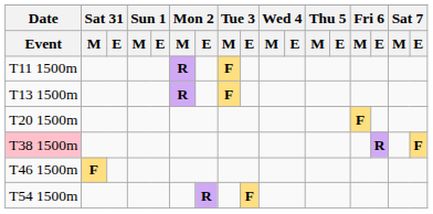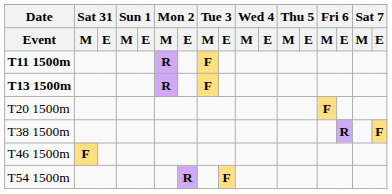 <table class="wikitable" style="margin:0.5em auto; font-size:90%; line-height:1.25em;">
 <tr align="center">
 </tr>
 <tr>
 <th>Date</th>
 <th colspan="2">Sat 31</th>
 <th colspan="2">Sun 1</th>
 <th colspan="2">Mon 2</th>
 <th colspan="2">Tue 3</th>
 <th colspan="2">Wed 4</th>
 <th colspan="2">Thu 5</th>
 <th colspan="2">Fri 6</th>
 <th colspan="2">Sat 7</th>
 </tr>
 <tr>
 <th>Event</th>
 <th>M</th>
 <th>E</th>
 <th>M</th>
 <th>E</th>
 <th>M</th>
 <th>E</th>
 <th>M</th>
 <th>E</th>
 <th>M</th>
 <th>E</th>
 <th>M</th>
 <th>E</th>
 <th>M</th>
 <th>E</th>
 <th>M</th>
 <th>E</th>
 </tr>
 <tr align="center">
-<td align="left">T11 1500m</td>
+<td align="left"><strong>T11 1500m</strong></td>
 <td colspan="2"></td>
 <td colspan="2"></td>
 <td bgcolor="#D0A9F5"><strong>R</strong></td>
 <td></td>
 <td bgcolor="#FFDF80"><strong>F</strong></td>
 <td></td>
 <td colspan="2"></td>
 <td colspan="2"></td>
 <td colspan="2"></td>
 <td colspan="2"></td>
 </tr>
 <tr align="center">
-<td align="left">T13 1500m</td>
+<td align="left"><strong>T13 1500m</strong></td>
 <td colspan="2"></td>
 <td colspan="2"></td>
 <td bgcolor="#D0A9F5"><strong>R</strong></td>
 <td></td>
 <td bgcolor="#FFDF80"><strong>F</strong></td>
 <td></td>
 <td colspan="2"></td>
 <td colspan="2"></td>
 <td colspan="2"></td>
 <td colspan="2"></td>
 </tr>
 <tr align="center">
 <td align="left">T20 1500m</td>
 <td colspan="2"></td>
 <td colspan="2"></td>
 <td colspan="2"></td>
 <td colspan="2"></td>
 <td colspan="2"></td>
 <td colspan="2"></td>
 <td bgcolor="#FFDF80"><strong>F</strong></td>
 <td></td>
 <td colspan="2"></td>
 </tr>
 <tr align="center">
-<td align="left" style="background: pink;">T38 1500m</td>
+<td align="left">T38 1500m</td>
 <td colspan="2"></td>
 <td colspan="2"></td>
 <td colspan="2"></td>
 <td colspan="2"></td>
 <td colspan="2"></td>
 <td colspan="2"></td>
 <td></td>
 <td bgcolor="#D0A9F5"><strong>R</strong></td>
 <td></td>
 <td bgcolor="#FFDF80"><strong>F</strong></td>
 </tr>
 <tr align="center">
 <td align="left">T46 1500m</td>
 <td bgcolor="#FFDF80"><strong>F</strong></td>
 <td></td>
 <td colspan="2"></td>
 <td colspan="2"></td>
 <td colspan="2"></td>
 <td colspan="2"></td>
 <td colspan="2"></td>
 <td colspan="2"></td>
 <td colspan="2"></td>
 </tr>
 <tr align="center">
 <td align="left">T54 1500m</td>
 <td colspan="2"></td>
 <td colspan="2"></td>
 <td></td>
 <td bgcolor="#D0A9F5"><strong>R</strong></td>
 <td></td>
 <td bgcolor="#FFDF80"><strong>F</strong></td>
 <td colspan="2"></td>
 <td colspan="2"></td>
 <td colspan="2"></td>
 <td colspan="2"></td>
 </tr>
 </table>
